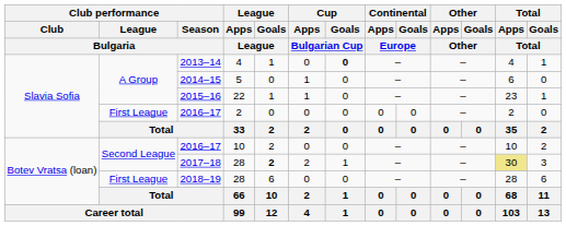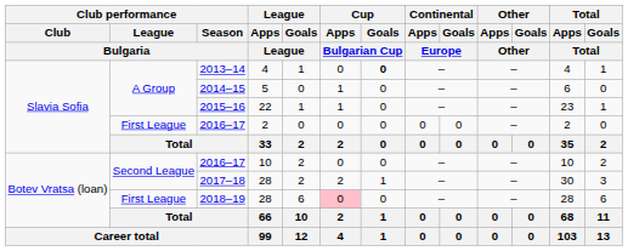 <table class="wikitable" style="text-align: center">
 <tr>
 <th Colspan="3">Club performance</th>
 <th Colspan="2">League</th>
 <th Colspan="2">Cup</th>
 <th Colspan="2">Continental</th>
 <th Colspan="2">Other</th>
 <th Colspan="3">Total</th>
 </tr>
 <tr>
 <th>Club</th>
 <th>League</th>
 <th>Season</th>
 <th>Apps</th>
 <th>Goals</th>
 <th>Apps</th>
 <th>Goals</th>
 <th>Apps</th>
 <th>Goals</th>
 <th>Apps</th>
 <th>Goals</th>
 <th>Apps</th>
 <th>Goals</th>
 </tr>
 <tr>
 <th Colspan="3">Bulgaria</th>
 <th Colspan="2">League</th>
 <th Colspan="2"><a href='#'>Bulgarian Cup</a></th>
 <th Colspan="2"><a href='#'>Europe</a></th>
 <th Colspan="2">Other</th>
 <th Colspan="2">Total</th>
 </tr>
 <tr>
 <td rowspan=5><a href='#'>Slavia Sofia</a></td>
 <td rowspan="3"><a href='#'>A Group</a></td>
 <td><a href='#'>2013–14</a></td>
 <td>4</td>
 <td>1</td>
 <td>0</td>
 <td><strong>0</strong></td>
 <td colspan="2">–</td>
 <td colspan="2">–</td>
 <td>4</td>
 <td>1</td>
 </tr>
 <tr>
 <td><a href='#'>2014–15</a></td>
 <td>5</td>
 <td>0</td>
 <td>1</td>
 <td>0</td>
 <td colspan="2">–</td>
 <td colspan="2">–</td>
 <td>6</td>
 <td>0</td>
 </tr>
 <tr>
 <td><a href='#'>2015–16</a></td>
 <td>22</td>
 <td>1</td>
 <td>1</td>
 <td>0</td>
 <td colspan="2">–</td>
 <td colspan="2">–</td>
 <td>23</td>
 <td>1</td>
 </tr>
 <tr>
 <td rowspan="1"><a href='#'>First League</a></td>
 <td><a href='#'>2016–17</a></td>
 <td>2</td>
 <td>0</td>
 <td>0</td>
 <td>0</td>
 <td>0</td>
 <td>0</td>
 <td colspan="2">–</td>
 <td>2</td>
 <td>0</td>
 </tr>
 <tr>
 <th colspan=2>Total</th>
 <th>33</th>
 <th>2</th>
 <th>2</th>
 <th>0</th>
 <th>0</th>
 <th>0</th>
 <th>0</th>
 <th>0</th>
 <th>35</th>
 <th>2</th>
 </tr>
 <tr>
 <td rowspan="4" valign="center"><a href='#'>Botev Vratsa</a> (loan)</td>
 <td rowspan="2"><a href='#'>Second League</a></td>
 <td><a href='#'>2016–17</a></td>
 <td>10</td>
 <td>2</td>
 <td>0</td>
 <td>0</td>
 <td colspan="2">–</td>
 <td colspan="2">–</td>
 <td>10</td>
 <td>2</td>
 </tr>
 <tr>
 <td><a href='#'>2017–18</a></td>
 <td>28</td>
-<td><strong>2</strong></td>
+<td>2</td>
 <td>2</td>
 <td>1</td>
 <td colspan="2">–</td>
 <td colspan="2">–</td>
-<td style="background: khaki;">30</td>
+<td>30</td>
 <td>3</td>
 </tr>
 <tr>
 <td rowspan="1"><a href='#'>First League</a></td>
 <td><a href='#'>2018–19</a></td>
 <td>28</td>
 <td>6</td>
-<td>0</td>
+<td style="background: pink;">0</td>
 <td>0</td>
 <td colspan="2">–</td>
 <td colspan="2">–</td>
 <td>28</td>
 <td>6</td>
 </tr>
 <tr>
 <th colspan=2>Total</th>
 <th>66</th>
 <th>10</th>
 <th>2</th>
 <th>1</th>
 <th>0</th>
 <th>0</th>
 <th>0</th>
 <th>0</th>
 <th>68</th>
 <th>11</th>
 </tr>
 <tr>
 <th colspan=3>Career total</th>
 <th>99</th>
 <th>12</th>
 <th>4</th>
 <th>1</th>
 <th>0</th>
 <th>0</th>
 <th>0</th>
 <th>0</th>
 <th>103</th>
 <th>13</th>
 </tr>
 </table>
